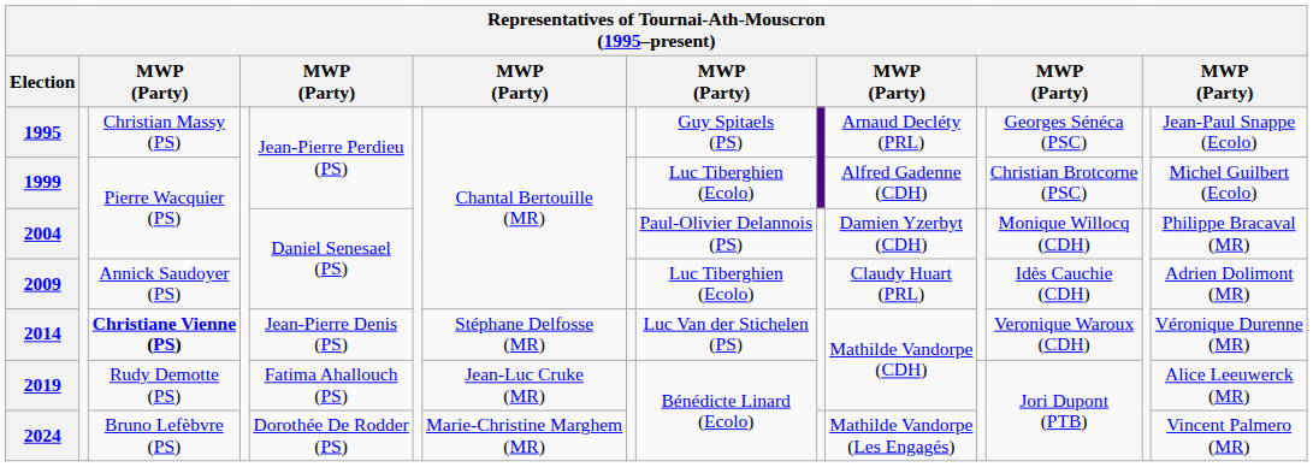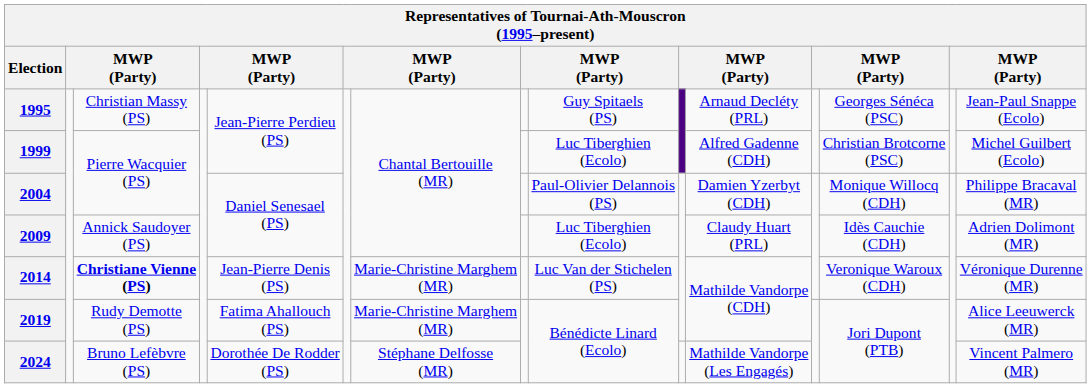 <table class="wikitable" style="text-align:center">
 <tr>
 <th colspan="15">Representatives of Tournai-Ath-Mouscron<br>(<a href='#'>1995</a>–present)</th>
 </tr>
 <tr>
 <th>Election</th>
 <th colspan=2>MWP<br>(Party)</th>
 <th colspan=2>MWP<br>(Party)</th>
 <th colspan=2>MWP<br>(Party)</th>
 <th colspan=2>MWP<br>(Party)</th>
 <th colspan=2>MWP<br>(Party)</th>
 <th colspan=2>MWP<br>(Party)</th>
 <th colspan=2>MWP<br>(Party)</th>
 </tr>
 <tr>
 <th><a href='#'>1995</a></th>
 <td rowspan=7; style="background-color: "></td>
 <td rowspan=1><a href='#'>Christian Massy</a><br>(<a href='#'>PS</a>)</td>
 <td rowspan=7; style="background-color: "></td>
 <td rowspan=2><a href='#'>Jean-Pierre Perdieu</a><br>(<a href='#'>PS</a>)</td>
 <td rowspan=7; style="background-color: "></td>
 <td rowspan=4><a href='#'>Chantal Bertouille</a><br>(<a href='#'>MR</a>)</td>
 <td rowspan=1; style="background-color: "></td>
 <td rowspan=1><a href='#'>Guy Spitaels</a><br>(<a href='#'>PS</a>)</td>
 <td rowspan=2; style="background-color: #4B0082"></td>
 <td rowspan=1><a href='#'>Arnaud Decléty</a><br>(<a href='#'>PRL</a>)</td>
 <td rowspan=2; style="background-color: "></td>
 <td rowspan=1><a href='#'>Georges Sénéca</a><br>(<a href='#'>PSC</a>)</td>
 <td rowspan=2; style="background-color: "></td>
 <td rowspan=1><a href='#'>Jean-Paul Snappe</a><br>(<a href='#'>Ecolo</a>)</td>
 </tr>
 <tr>
 <th><a href='#'>1999</a></th>
 <td rowspan=2><a href='#'>Pierre Wacquier</a><br>(<a href='#'>PS</a>)</td>
 <td rowspan=1; style="background-color: "></td>
 <td rowspan=1><a href='#'>Luc Tiberghien</a><br>(<a href='#'>Ecolo</a>)</td>
 <td rowspan=1><a href='#'>Alfred Gadenne</a><br>(<a href='#'>CDH</a>)</td>
 <td rowspan=1><a href='#'>Christian Brotcorne</a><br>(<a href='#'>PSC</a>)</td>
 <td rowspan=1><a href='#'>Michel Guilbert</a><br>(<a href='#'>Ecolo</a>)</td>
 </tr>
 <tr>
 <th><a href='#'>2004</a></th>
 <td rowspan=2><a href='#'>Daniel Senesael</a><br>(<a href='#'>PS</a>)</td>
 <td rowspan=1; style="background-color: "></td>
 <td rowspan=1><a href='#'>Paul-Olivier Delannois</a><br>(<a href='#'>PS</a>)</td>
 <td rowspan=4; style="background-color: "></td>
 <td rowspan=1><a href='#'>Damien Yzerbyt</a><br>(<a href='#'>CDH</a>)</td>
 <td rowspan=3; style="background-color: "></td>
 <td rowspan=1><a href='#'>Monique Willocq</a><br>(<a href='#'>CDH</a>)</td>
 <td rowspan=6; style="background-color: "></td>
 <td rowspan=1><a href='#'>Philippe Bracaval</a><br>(<a href='#'>MR</a>)</td>
 </tr>
 <tr>
 <th><a href='#'>2009</a></th>
 <td rowspan=1><a href='#'>Annick Saudoyer</a><br>(<a href='#'>PS</a>)</td>
 <td rowspan=1; style="background-color: "></td>
 <td rowspan=1><a href='#'>Luc Tiberghien</a><br>(<a href='#'>Ecolo</a>)</td>
 <td rowspan=1><a href='#'>Claudy Huart</a><br>(<a href='#'>PRL</a>)</td>
 <td rowspan=1><a href='#'>Idès Cauchie</a><br>(<a href='#'>CDH</a>)</td>
 <td rowspan=1><a href='#'>Adrien Dolimont</a><br>(<a href='#'>MR</a>)</td>
 </tr>
 <tr>
 <th><a href='#'>2014</a></th>
 <td rowspan=1><strong><a href='#'>Christiane Vienne</a><br>(<a href='#'>PS</a>)</strong></td>
 <td rowspan=1><a href='#'>Jean-Pierre Denis</a><br>(<a href='#'>PS</a>)</td>
-<td rowspan=1><a href='#'>Stéphane Delfosse</a><br>(<a href='#'>MR</a>)</td>
+<td rowspan=1><a href='#'>Marie-Christine Marghem</a><br>(<a href='#'>MR</a>)</td>
 <td rowspan=1; style="background-color: "></td>
 <td rowspan=1><a href='#'>Luc Van der Stichelen</a><br>(<a href='#'>PS</a>)</td>
 <td rowspan=2><a href='#'>Mathilde Vandorpe</a><br>(<a href='#'>CDH</a>)</td>
 <td rowspan=1><a href='#'>Veronique Waroux</a><br>(<a href='#'>CDH</a>)</td>
 <td rowspan=1><a href='#'>Véronique Durenne</a><br>(<a href='#'>MR</a>)</td>
 </tr>
 <tr>
 <th><a href='#'>2019</a></th>
 <td rowspan=1><a href='#'>Rudy Demotte</a><br>(<a href='#'>PS</a>)</td>
 <td rowspan=1><a href='#'>Fatima Ahallouch</a><br>(<a href='#'>PS</a>)</td>
-<td rowspan=1><a href='#'>Jean-Luc Cruke</a><br>(<a href='#'>MR</a>)</td>
+<td rowspan=1><a href='#'>Marie-Christine Marghem</a><br>(<a href='#'>MR</a>)</td>
 <td rowspan=2; style="background-color: "></td>
 <td rowspan=2><a href='#'>Bénédicte Linard</a><br>(<a href='#'>Ecolo</a>)</td>
 <td rowspan=2; style="background-color: "></td>
 <td rowspan=2><a href='#'>Jori Dupont</a><br>(<a href='#'>PTB</a>)</td>
 <td rowspan=1><a href='#'>Alice Leeuwerck</a><br>(<a href='#'>MR</a>)</td>
 </tr>
 <tr>
 <th><a href='#'>2024</a></th>
 <td rowspan=1><a href='#'>Bruno Lefèbvre</a><br>(<a href='#'>PS</a>)</td>
 <td rowspan=1><a href='#'>Dorothée De Rodder</a><br>(<a href='#'>PS</a>)</td>
-<td rowspan=1><a href='#'>Marie-Christine Marghem</a><br>(<a href='#'>MR</a>)</td>
+<td rowspan=1><a href='#'>Stéphane Delfosse</a><br>(<a href='#'>MR</a>)</td>
 <td rowspan=1; style="background-color: "></td>
 <td rowspan=1><a href='#'>Mathilde Vandorpe</a><br>(<a href='#'>Les Engagés</a>)</td>
 <td rowspan=1><a href='#'>Vincent Palmero</a><br>(<a href='#'>MR</a>)</td>
 </tr>
 </table>
